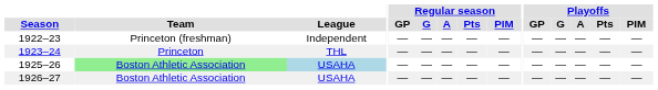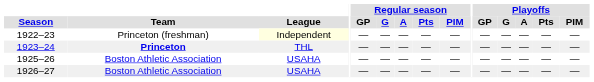 <table border="0" cellpadding="1" cellspacing="0" style="text-align:center; width:60em">
 <tr bgcolor="#e0e0e0">
 <th colspan="3" bgcolor="#ffffff"></th>
 <th rowspan="100" bgcolor="#ffffff"></th>
 <th colspan="5"><a href='#'>Regular season</a></th>
 <th rowspan="100" bgcolor="#ffffff"></th>
 <th colspan="5"><a href='#'>Playoffs</a></th>
 </tr>
 <tr bgcolor="#e0e0e0">
 <th><a href='#'>Season</a></th>
 <th>Team</th>
 <th>League</th>
 <th>GP</th>
 <th><a href='#'>G</a></th>
 <th><a href='#'>A</a></th>
 <th><a href='#'>Pts</a></th>
 <th><a href='#'>PIM</a></th>
 <th>GP</th>
 <th>G</th>
 <th>A</th>
 <th>Pts</th>
 <th>PIM</th>
 </tr>
 <tr>
 <td>1922–23</td>
 <td>Princeton (freshman)</td>
-<td>Independent</td>
+<td style="background: lightyellow;">Independent</td>
 <td>—</td>
 <td>—</td>
 <td>—</td>
 <td>—</td>
 <td>—</td>
 <td>—</td>
 <td>—</td>
 <td>—</td>
 <td>—</td>
 <td>—</td>
 </tr>
 <tr bgcolor="#f0f0f0">
 <td><a href='#'>1923–24</a></td>
-<td><a href='#'>Princeton</a></td>
+<td><strong><a href='#'>Princeton</a></strong></td>
 <td><a href='#'>THL</a></td>
 <td>—</td>
 <td>—</td>
 <td>—</td>
 <td>—</td>
 <td>—</td>
 <td>—</td>
 <td>—</td>
 <td>—</td>
 <td>—</td>
 <td>—</td>
 </tr>
 <tr>
 <td>1925–26</td>
-<td style="background: lightgreen;"><a href='#'>Boston Athletic Association</a></td>
-<td style="background: lightblue;"><a href='#'>USAHA</a></td>
+<td><a href='#'>Boston Athletic Association</a></td>
+<td><a href='#'>USAHA</a></td>
 <td>—</td>
 <td>—</td>
 <td>—</td>
 <td>—</td>
 <td>—</td>
 <td>—</td>
 <td>—</td>
 <td>—</td>
 <td>—</td>
 <td>—</td>
 </tr>
 <tr bgcolor="#f0f0f0">
 <td>1926–27</td>
 <td><a href='#'>Boston Athletic Association</a></td>
 <td><a href='#'>USAHA</a></td>
 <td>—</td>
 <td>—</td>
 <td>—</td>
 <td>—</td>
 <td>—</td>
 <td>—</td>
 <td>—</td>
 <td>—</td>
 <td>—</td>
 <td>—</td>
 </tr>
 <tr>
 </tr>
 </table>
